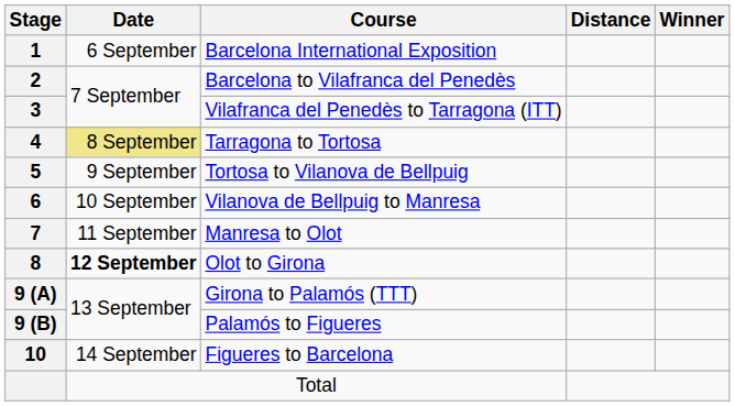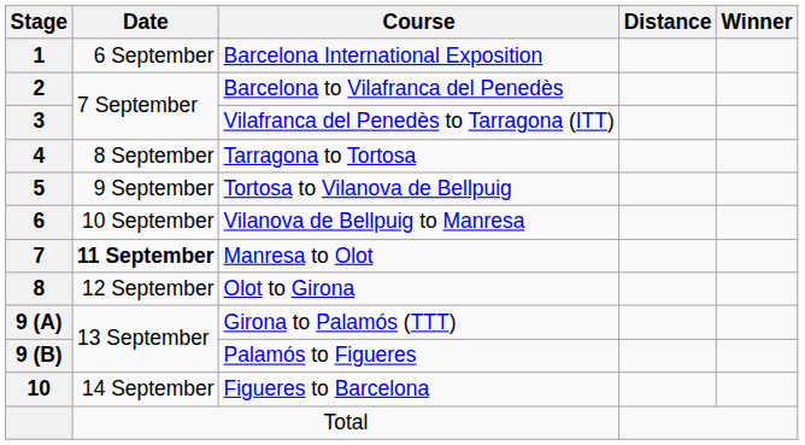 <table class="wikitable">
 <tr>
 <th scope="col">Stage</th>
 <th scope="col">Date</th>
 <th scope="col">Course</th>
 <th scope="col">Distance</th>
 <th scope="col">Winner</th>
 </tr>
 <tr>
 <th scope="row">1</th>
 <td style="text-align:right">6 September</td>
 <td><a href='#'>Barcelona International Exposition</a></td>
 <td style="text-align:center;"></td>
 <td></td>
 </tr>
 <tr>
 <th scope="row">2</th>
 <td rowspan="2">7 September</td>
 <td><a href='#'>Barcelona</a> to <a href='#'>Vilafranca del Penedès</a></td>
 <td style="text-align:center;"></td>
 <td></td>
 </tr>
 <tr>
 <th scope="row">3</th>
 <td><a href='#'>Vilafranca del Penedès</a> to <a href='#'>Tarragona</a> (<a href='#'>ITT</a>)</td>
 <td style="text-align:center;"></td>
 <td></td>
 </tr>
 <tr>
 <th scope="row">4</th>
-<td style="background: khaki; text-align:right">8 September</td>
+<td style="text-align:right">8 September</td>
 <td><a href='#'>Tarragona</a> to <a href='#'>Tortosa</a></td>
 <td style="text-align:center;"></td>
 <td></td>
 </tr>
 <tr>
 <th scope="row">5</th>
 <td style="text-align:right">9 September</td>
 <td><a href='#'>Tortosa</a> to <a href='#'>Vilanova de Bellpuig</a></td>
 <td style="text-align:center;"></td>
 <td></td>
 </tr>
 <tr>
 <th scope="row">6</th>
 <td style="text-align:right">10 September</td>
 <td><a href='#'>Vilanova de Bellpuig</a> to <a href='#'>Manresa</a></td>
 <td style="text-align:center;"></td>
 <td></td>
 </tr>
 <tr>
 <th scope="row">7</th>
-<td style="text-align:right">11 September</td>
+<td style="text-align:right"><strong>11 September</strong></td>
 <td><a href='#'>Manresa</a> to <a href='#'>Olot</a></td>
 <td style="text-align:center;"></td>
 <td></td>
 </tr>
 <tr>
 <th scope="row">8</th>
-<td style="text-align:right"><strong>12 September</strong></td>
+<td style="text-align:right">12 September</td>
 <td><a href='#'>Olot</a> to <a href='#'>Girona</a></td>
 <td style="text-align:center;"></td>
 <td></td>
 </tr>
 <tr>
 <th scope="row">9 (A)</th>
 <td rowspan="2">13 September</td>
 <td><a href='#'>Girona</a> to <a href='#'>Palamós</a> (<a href='#'>TTT</a>)</td>
 <td style="text-align:center;"></td>
 <td></td>
 </tr>
 <tr>
 <th scope="row">9 (B)</th>
 <td><a href='#'>Palamós</a> to <a href='#'>Figueres</a></td>
 <td style="text-align:center;"></td>
 <td></td>
 </tr>
 <tr>
 <th scope="row">10</th>
 <td style="text-align:right">14 September</td>
 <td><a href='#'>Figueres</a> to <a href='#'>Barcelona</a></td>
 <td style="text-align:center;"></td>
 <td></td>
 </tr>
 <tr>
 <th scope="row"></th>
 <td colspan="2" style="text-align:center">Total</td>
 <td colspan="5" style="text-align:center"></td>
 </tr>
 </table>
